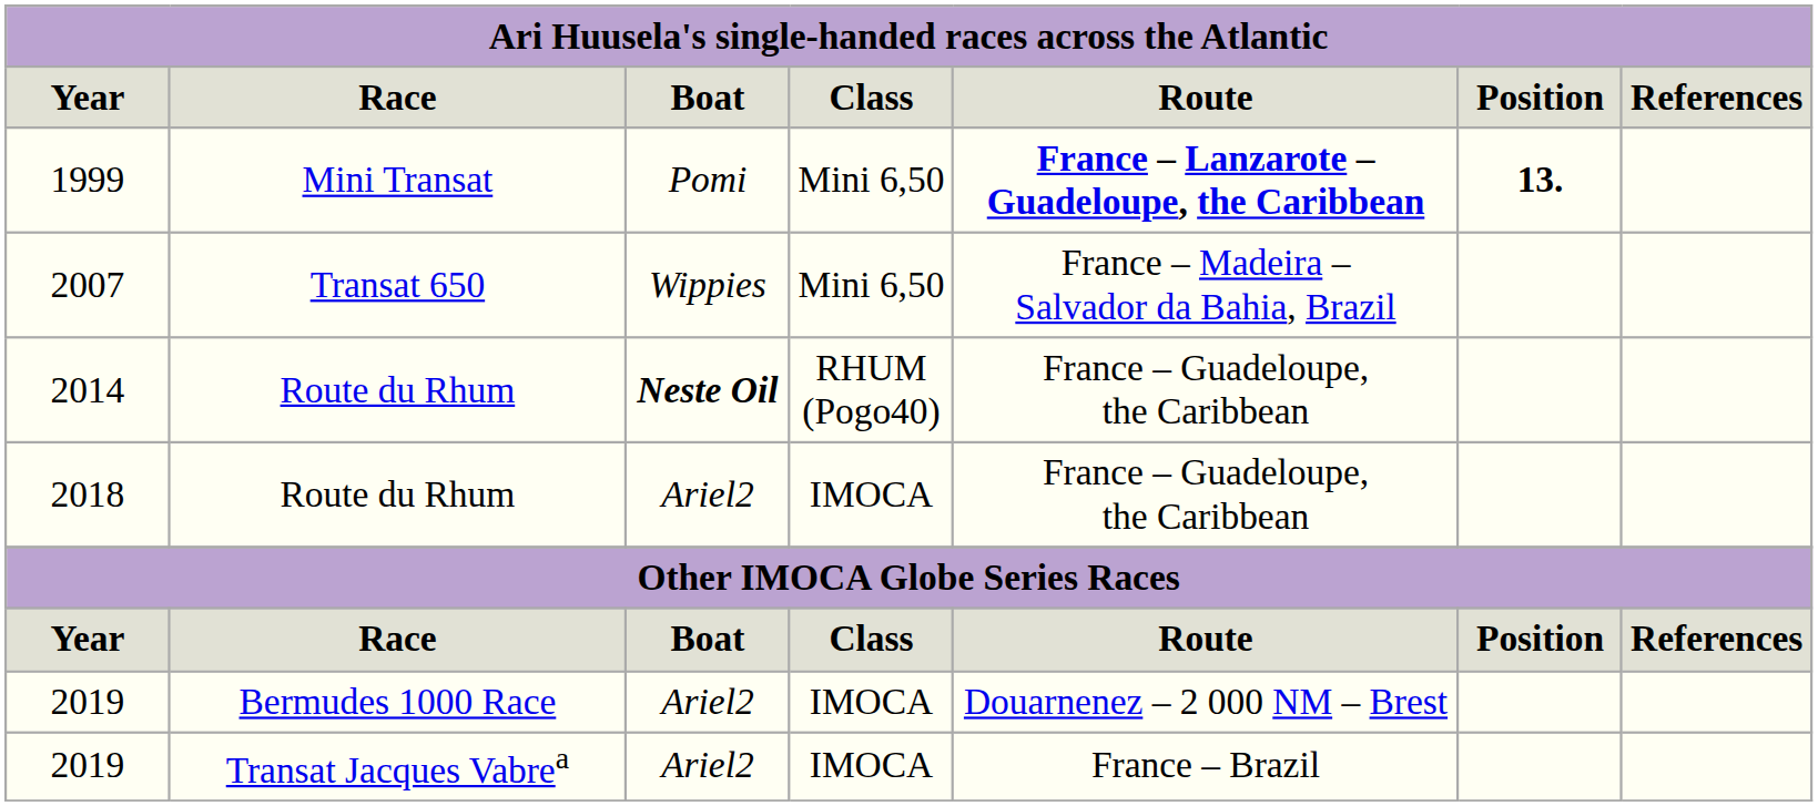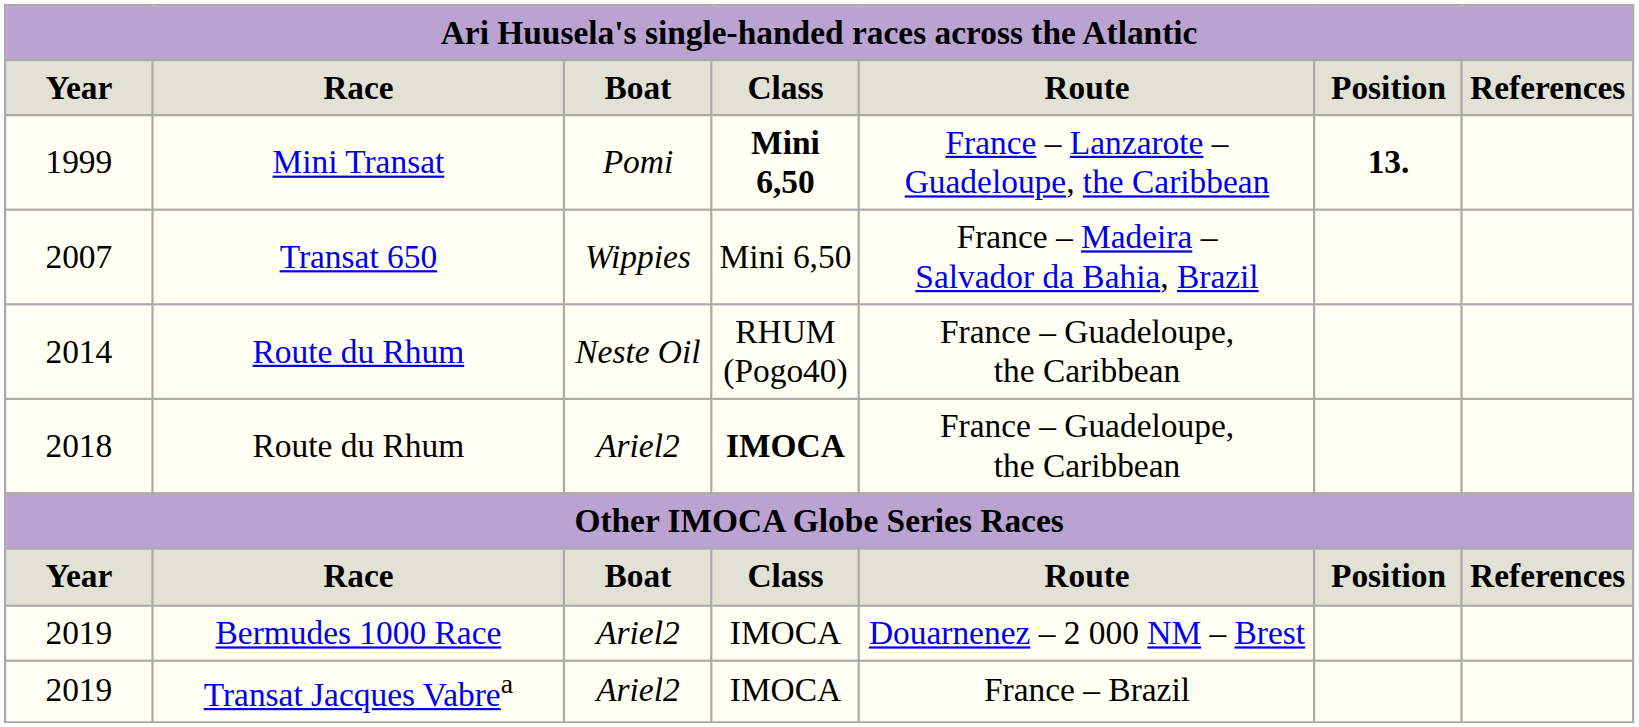 <table class="wikitable" style="font-size:95%; text-align:center; background:#FFFFF3">
 <tr>
 <td style="background:#BBA3D1;" colspan=9><strong>Ari Huusela's single-handed races across the Atlantic</strong></td>
 </tr>
 <tr>
 <th width=60  style=background:#E1E1D5>Year</th>
 <th width=180 style=background:#E1E1D5>Race</th>
 <th width=60  style=background:#E1E1D5>Boat</th>
 <th width=60  style=background:#E1E1D5>Class</th>
 <th width=200 style=background:#E1E1D5>Route</th>
 <th width=60  style=background:#E1E1D5>Position</th>
 <th width=60  style=background:#E1E1D5>References</th>
 </tr>
 <tr>
 <td>1999</td>
 <td><a href='#'>Mini Transat</a></td>
 <td><em>Pomi</em></td>
-<td>Mini 6,50</td>
-<td><strong><a href='#'>France</a> – <a href='#'>Lanzarote</a> –<br><a href='#'>Guadeloupe</a>, <a href='#'>the Caribbean</a></strong></td>
+<td><strong>Mini 6,50</strong></td>
+<td><a href='#'>France</a> – <a href='#'>Lanzarote</a> –<br><a href='#'>Guadeloupe</a>, <a href='#'>the Caribbean</a></td>
 <td><strong>13.</strong></td>
 <td></td>
 </tr>
 <tr>
 <td>2007</td>
 <td><a href='#'>Transat 650</a></td>
 <td><em>Wippies</em></td>
 <td>Mini 6,50</td>
 <td>France – <a href='#'>Madeira</a> –<br><a href='#'>Salvador da Bahia</a>, <a href='#'>Brazil</a></td>
 <td></td>
 <td></td>
 </tr>
 <tr>
 <td>2014</td>
 <td><a href='#'>Route du Rhum</a></td>
-<td><strong><em>Neste Oil</em></strong></td>
+<td><em>Neste Oil</em></td>
 <td>RHUM (Pogo40)</td>
 <td>France – Guadeloupe,<br>the Caribbean</td>
 <td></td>
 <td></td>
 </tr>
 <tr>
 <td>2018</td>
 <td>Route du Rhum</td>
 <td><em>Ariel2</em></td>
-<td>IMOCA</td>
+<td><strong>IMOCA</strong></td>
 <td>France – Guadeloupe,<br>the Caribbean</td>
 <td></td>
 <td></td>
 </tr>
 <tr>
 </tr>
 <tr>
 <td style="background:#BBA3D1;" colspan=9><strong>Other IMOCA Globe Series Races</strong></td>
 </tr>
 <tr>
 <th width=60  style=background:#E1E1D5>Year</th>
 <th width=180 style=background:#E1E1D5>Race</th>
 <th width=60  style=background:#E1E1D5>Boat</th>
 <th width=60  style=background:#E1E1D5>Class</th>
 <th width=200 style=background:#E1E1D5>Route</th>
 <th width=60  style=background:#E1E1D5>Position</th>
 <th width=60  style=background:#E1E1D5>References</th>
 </tr>
 <tr>
 <td>2019</td>
 <td><a href='#'>Bermudes 1000 Race</a></td>
 <td><em>Ariel2</em></td>
 <td>IMOCA</td>
 <td><a href='#'>Douarnenez</a> – 2 000 <a href='#'>NM</a> – <a href='#'>Brest</a></td>
 <td></td>
 <td></td>
 </tr>
 <tr>
 <td>2019</td>
 <td><a href='#'>Transat Jacques Vabre</a><sup>a</sup></td>
 <td><em>Ariel2</em></td>
 <td>IMOCA</td>
 <td>France – Brazil</td>
 <td></td>
 <td></td>
 </tr>
 </table>
